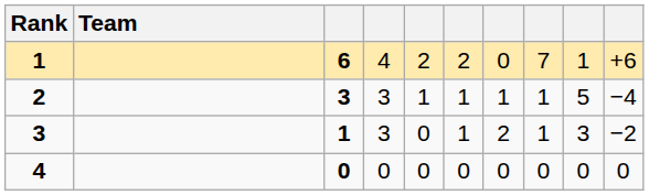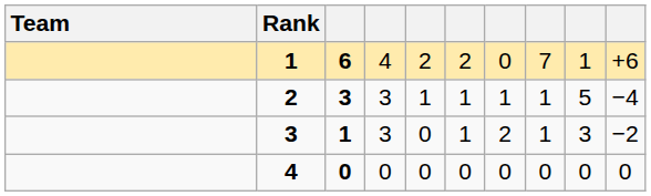 <table class="wikitable" style="text-align:center">
 <tr>
+<th width=165 style="text-align:left">Team</th>
 <th width=30>Rank</th>
-<th width=165 style="text-align:left">Team</th>
 <th width=20></th>
 <th width=20></th>
 <th width=20></th>
 <th width=20></th>
 <th width=20></th>
 <th width=20></th>
 <th width=20></th>
 <th width=20></th>
 </tr>
 <tr bgcolor="#ffebad">
+<td align="left"></td>
 <td><strong>1</strong></td>
-<td align="left"></td>
 <td><strong>6</strong></td>
 <td>4</td>
 <td>2</td>
 <td>2</td>
 <td>0</td>
 <td>7</td>
 <td>1</td>
 <td>+6</td>
 </tr>
 <tr>
+<td align="left"></td>
 <td><strong>2</strong></td>
-<td align="left"></td>
 <td><strong>3</strong></td>
 <td>3</td>
 <td>1</td>
 <td>1</td>
 <td>1</td>
 <td>1</td>
 <td>5</td>
 <td>−4</td>
 </tr>
 <tr>
+<td align="left"></td>
 <td><strong>3</strong></td>
-<td align="left"></td>
 <td><strong>1</strong></td>
 <td>3</td>
 <td>0</td>
 <td>1</td>
 <td>2</td>
 <td>1</td>
 <td>3</td>
 <td>−2</td>
 </tr>
 <tr>
+<td align="left"></td>
 <td><strong>4</strong></td>
-<td align="left"></td>
 <td><strong>0</strong></td>
 <td>0</td>
 <td>0</td>
 <td>0</td>
 <td>0</td>
 <td>0</td>
 <td>0</td>
 <td>0</td>
 </tr>
 </table>
